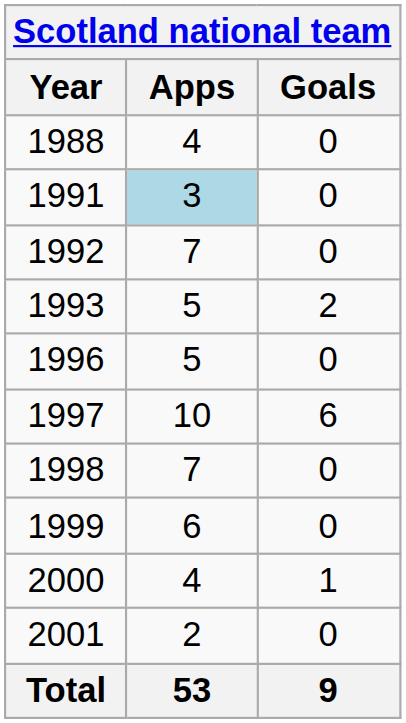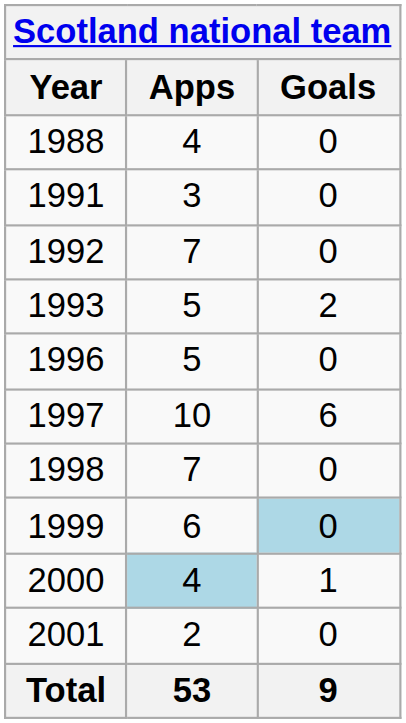 <table class="wikitable" style="text-align: center;">
 <tr>
 <th colspan=3><a href='#'>Scotland national team</a></th>
 </tr>
 <tr>
 <th>Year</th>
 <th>Apps</th>
 <th>Goals</th>
 </tr>
 <tr>
 <td>1988</td>
 <td>4</td>
 <td>0</td>
 </tr>
 <tr>
 <td>1991</td>
-<td style="background: lightblue;">3</td>
+<td>3</td>
 <td>0</td>
 </tr>
 <tr>
 <td>1992</td>
 <td>7</td>
 <td>0</td>
 </tr>
 <tr>
 <td>1993</td>
 <td>5</td>
 <td>2</td>
 </tr>
 <tr>
 <td>1996</td>
 <td>5</td>
 <td>0</td>
 </tr>
 <tr>
 <td>1997</td>
 <td>10</td>
 <td>6</td>
 </tr>
 <tr>
 <td>1998</td>
 <td>7</td>
 <td>0</td>
 </tr>
 <tr>
 <td>1999</td>
 <td>6</td>
-<td>0</td>
+<td style="background: lightblue;">0</td>
 </tr>
 <tr>
 <td>2000</td>
-<td>4</td>
+<td style="background: lightblue;">4</td>
 <td>1</td>
 </tr>
 <tr>
 <td>2001</td>
 <td>2</td>
 <td>0</td>
 </tr>
 <tr>
 <th>Total</th>
 <th>53</th>
 <th>9</th>
 </tr>
 </table>
